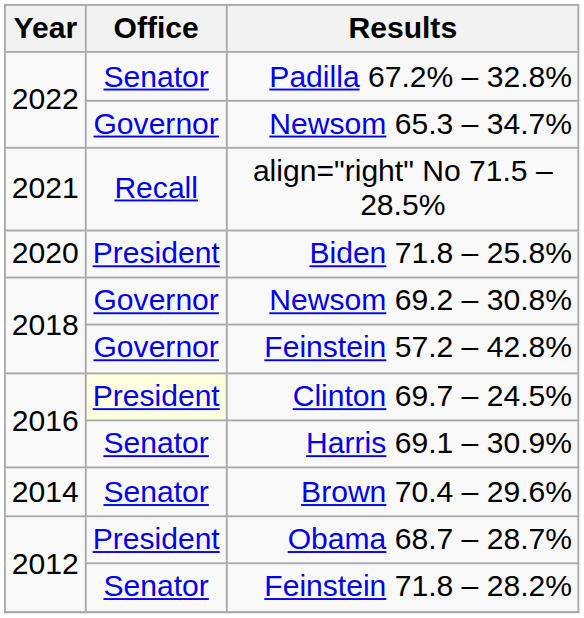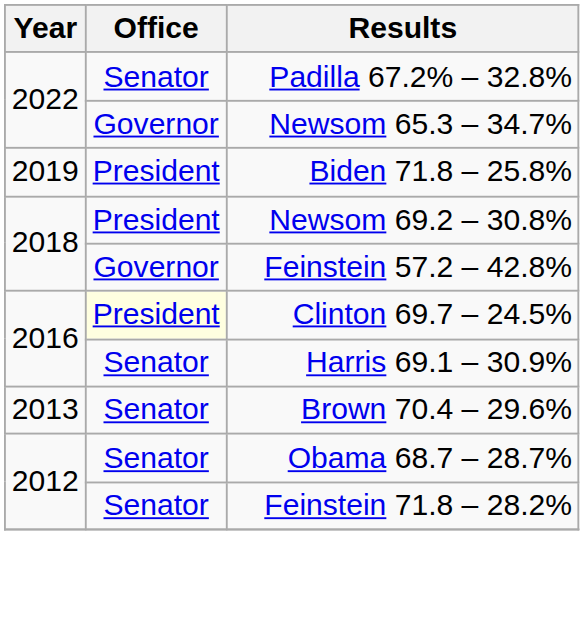 <table class=wikitable style="text-align:center">
 <tr>
 <th width="30">Year</th>
 <th width="60">Office</th>
 <th width="180">Results</th>
 </tr>
 <tr>
 <td rowspan="2">2022</td>
 <td><a href='#'>Senator</a></td>
 <td align="right" ><a href='#'>Padilla</a> 67.2% – 32.8%</td>
 </tr>
 <tr>
 <td><a href='#'>Governor</a></td>
 <td align="right" ><a href='#'>Newsom</a> 65.3 – 34.7%</td>
 </tr>
 <tr>
-<td>2021</td>
-<td><a href='#'>Recall</a></td>
-<td>align="right"  No 71.5 – 28.5%</td>
-</tr>
-<tr>
-<td>2020</td>
+<td>2019</td>
 <td><a href='#'>President</a></td>
 <td align="right" ><a href='#'>Biden</a> 71.8 – 25.8%</td>
 </tr>
 <tr>
 <td rowspan="2">2018</td>
-<td><a href='#'>Governor</a></td>
+<td><a href='#'>President</a></td>
 <td align="right" ><a href='#'>Newsom</a> 69.2 – 30.8%</td>
 </tr>
 <tr>
 <td><a href='#'>Governor</a></td>
 <td align="right" ><a href='#'>Feinstein</a> 57.2 – 42.8%</td>
 </tr>
 <tr>
 <td rowspan="2">2016</td>
 <td style="background: lightyellow;"><a href='#'>President</a></td>
 <td align="right" ><a href='#'>Clinton</a> 69.7 – 24.5%</td>
 </tr>
 <tr>
 <td><a href='#'>Senator</a></td>
 <td align="right" ><a href='#'>Harris</a> 69.1 – 30.9%</td>
 </tr>
 <tr>
-<td>2014</td>
+<td>2013</td>
 <td><a href='#'>Senator</a></td>
 <td align="right" ><a href='#'>Brown</a> 70.4 – 29.6%</td>
 </tr>
 <tr>
 <td rowspan="2">2012</td>
-<td><a href='#'>President</a></td>
+<td><a href='#'>Senator</a></td>
 <td align="right" ><a href='#'>Obama</a> 68.7 – 28.7%</td>
 </tr>
 <tr>
 <td><a href='#'>Senator</a></td>
 <td align="right" ><a href='#'>Feinstein</a> 71.8 – 28.2%</td>
 </tr>
 <tr>
 </tr>
 </table>
